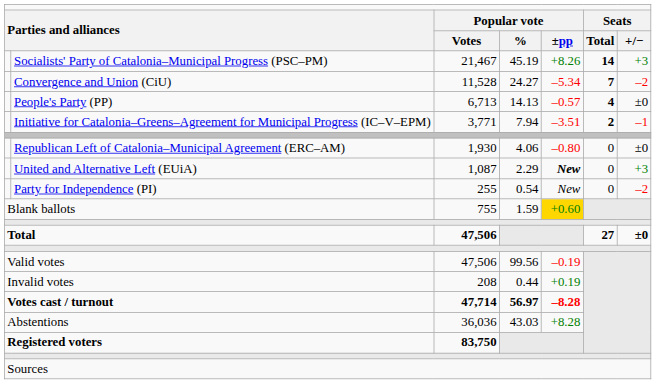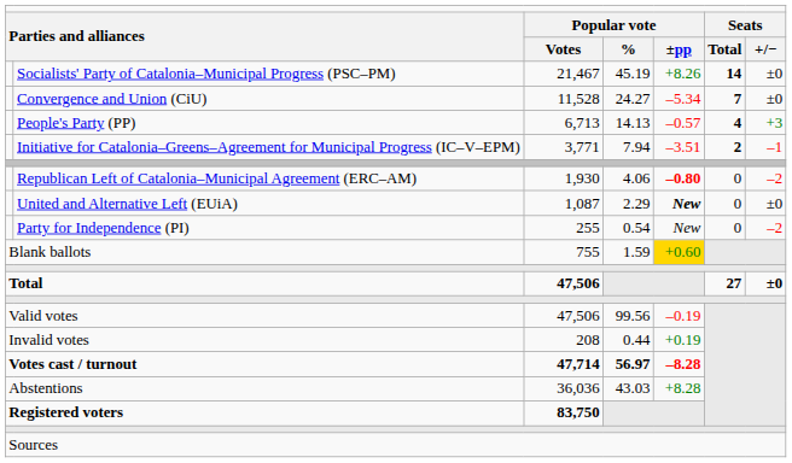 <table class="wikitable" style="text-align:right;">
 <tr>
 <td colspan="7"></td>
 </tr>
 <tr>
 <th style="text-align:left;" rowspan="2" colspan="2" width="525">Parties and alliances</th>
 <th colspan="3">Popular vote</th>
 <th colspan="2">Seats</th>
 </tr>
 <tr>
 <th width="75">Votes</th>
 <th width="45">%</th>
 <th width="45">±<a href='#'>pp</a></th>
 <th width="35">Total</th>
 <th width="35">+/−</th>
 </tr>
 <tr>
 <td width="1" style="color:inherit;background:"></td>
 <td align="left"><a href='#'>Socialists' Party of Catalonia–Municipal Progress</a> (PSC–PM)</td>
 <td>21,467</td>
 <td>45.19</td>
 <td style="color:green;">+8.26</td>
 <td><strong>14</strong></td>
-<td style="color:green;">+3</td>
+<td>±0</td>
 </tr>
 <tr>
 <td style="color:inherit;background:"></td>
 <td align="left"><a href='#'>Convergence and Union</a> (CiU)</td>
 <td>11,528</td>
 <td>24.27</td>
 <td style="color:red;">–5.34</td>
 <td><strong>7</strong></td>
-<td style="color:red;">–2</td>
+<td>±0</td>
 </tr>
 <tr>
 <td style="color:inherit;background:"></td>
 <td align="left"><a href='#'>People's Party</a> (PP)</td>
 <td>6,713</td>
 <td>14.13</td>
 <td style="color:red;">–0.57</td>
 <td><strong>4</strong></td>
-<td>±0</td>
+<td style="color:green;">+3</td>
 </tr>
 <tr>
 <td style="color:inherit;background:"></td>
 <td align="left"><a href='#'>Initiative for Catalonia–Greens–Agreement for Municipal Progress</a> (IC–V–EPM)</td>
 <td>3,771</td>
 <td>7.94</td>
 <td style="color:red;">–3.51</td>
 <td><strong>2</strong></td>
 <td style="color:red;">–1</td>
 </tr>
 <tr>
 <td colspan="7" style="color:inherit;background:#C0C0C0"></td>
 </tr>
 <tr>
 <td style="color:inherit;background:"></td>
 <td align="left"><a href='#'>Republican Left of Catalonia–Municipal Agreement</a> (ERC–AM)</td>
 <td>1,930</td>
 <td>4.06</td>
-<td style="color:red;">–0.80</td>
+<td style="color:red;"><strong>–0.80</strong></td>
 <td>0</td>
-<td>±0</td>
+<td style="color:red;">–2</td>
 </tr>
 <tr>
 <td style="color:inherit;background:"></td>
 <td align="left"><a href='#'>United and Alternative Left</a> (EUiA)</td>
 <td>1,087</td>
 <td>2.29</td>
 <td><strong><em>New</em></strong></td>
 <td>0</td>
-<td style="color:green;">+3</td>
+<td>±0</td>
 </tr>
 <tr>
 <td style="color:inherit;background:"></td>
 <td align="left"><a href='#'>Party for Independence</a> (PI)</td>
 <td>255</td>
 <td>0.54</td>
 <td><em>New</em></td>
 <td>0</td>
 <td style="color:red;">–2</td>
 </tr>
 <tr>
 <td align="left" colspan="2">Blank ballots</td>
 <td>755</td>
 <td>1.59</td>
 <td style="background: gold; color:green;">+0.60</td>
 <td style="color:inherit;background:#E9E9E9" colspan="2"></td>
 </tr>
 <tr>
 <td colspan="7" style="color:inherit;background:#E9E9E9"></td>
 </tr>
 <tr style="font-weight:bold;">
 <td align="left" colspan="2">Total</td>
 <td>47,506</td>
 <td bgcolor="#E9E9E9" colspan="2"></td>
 <td>27</td>
 <td>±0</td>
 </tr>
 <tr>
 <td colspan="7" style="color:inherit;background:#E9E9E9"></td>
 </tr>
 <tr>
 <td align="left" colspan="2">Valid votes</td>
 <td>47,506</td>
 <td>99.56</td>
 <td style="color:red;">–0.19</td>
 <td bgcolor="#E9E9E9" colspan="2" rowspan="5"></td>
 </tr>
 <tr>
 <td align="left" colspan="2">Invalid votes</td>
 <td>208</td>
 <td>0.44</td>
 <td style="color:green;">+0.19</td>
 </tr>
 <tr style="font-weight:bold;">
 <td align="left" colspan="2">Votes cast / turnout</td>
 <td>47,714</td>
 <td>56.97</td>
 <td style="color:red;">–8.28</td>
 </tr>
 <tr>
 <td align="left" colspan="2">Abstentions</td>
 <td>36,036</td>
 <td>43.03</td>
 <td style="color:green;">+8.28</td>
 </tr>
 <tr style="font-weight:bold;">
 <td align="left" colspan="2">Registered voters</td>
 <td>83,750</td>
 <td bgcolor="#E9E9E9" colspan="2"></td>
 </tr>
 <tr>
 <td colspan="7" style="color:inherit;background:#E9E9E9"></td>
 </tr>
 <tr>
 <td align="left" colspan="7">Sources</td>
 </tr>
 </table>
